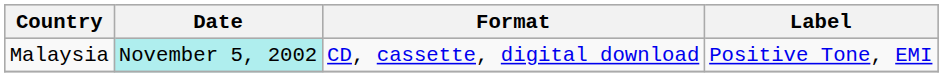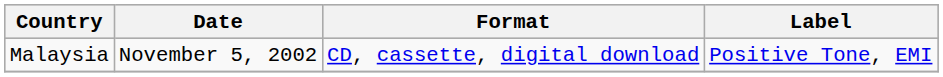 <table class="wikitable">
 <tr>
 <th>Country</th>
 <th>Date</th>
 <th>Format</th>
 <th>Label</th>
 </tr>
 <tr>
 <td>Malaysia</td>
-<td style="background: paleturquoise;">November 5, 2002</td>
+<td>November 5, 2002</td>
 <td><a href='#'>CD</a>, <a href='#'>cassette</a>, <a href='#'>digital download</a></td>
 <td><a href='#'>Positive Tone</a>, <a href='#'>EMI</a></td>
 </tr>
 <tr>
 </tr>
 </table>
